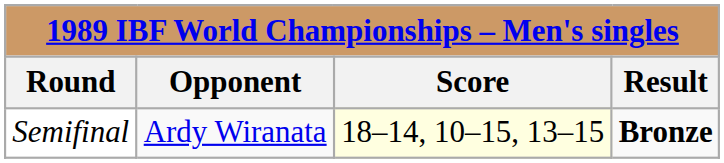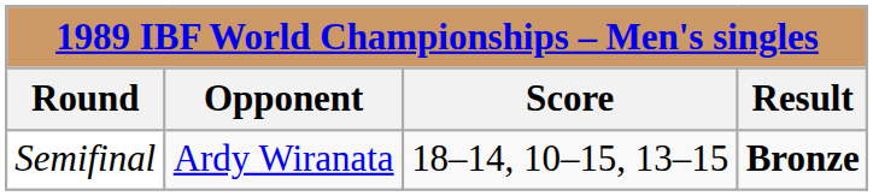 <table class="wikitable" style="font-size: 90%; text-align: center">
 <tr>
 <th colspan=5 style="background:#CC9966;"><a href='#'>1989 IBF World Championships – Men's singles</a></th>
 </tr>
 <tr>
 <th>Round</th>
 <th>Opponent</th>
 <th>Score</th>
 <th>Result</th>
 </tr>
 <tr>
 <td style="text-align:left; background:white"><em>Semifinal</em></td>
 <td align="left"> <a href='#'>Ardy Wiranata</a></td>
-<td align="left" style="background: lightyellow;">18–14, 10–15, 13–15</td>
+<td align="left">18–14, 10–15, 13–15</td>
 <td align="center"> <strong>Bronze</strong></td>
 </tr>
 </table>
